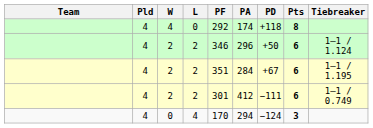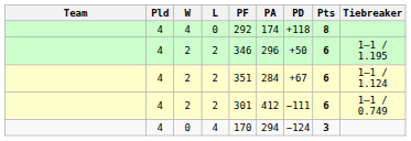 <table class="wikitable" style="text-align:center;">
 <tr>
 <th width=180>Team</th>
 <th width=30>Pld</th>
 <th width=30>W</th>
 <th width=30>L</th>
 <th width=30>PF</th>
 <th width=30>PA</th>
 <th width=30>PD</th>
 <th width=30>Pts</th>
 <th width=80>Tiebreaker</th>
 </tr>
 <tr bgcolor="#ccffcc">
 <td align="left"></td>
 <td>4</td>
 <td>4</td>
 <td>0</td>
 <td>292</td>
 <td>174</td>
 <td>+118</td>
 <td><strong>8</strong></td>
 <td></td>
 </tr>
 <tr bgcolor="#ccffcc">
 <td align="left"></td>
 <td>4</td>
 <td>2</td>
 <td>2</td>
 <td>346</td>
 <td>296</td>
 <td>+50</td>
 <td><strong>6</strong></td>
-<td>1–1 / 1.124</td>
+<td>1–1 / 1.195</td>
 </tr>
 <tr bgcolor="ffffcc">
 <td align="left"></td>
 <td>4</td>
 <td>2</td>
 <td>2</td>
 <td>351</td>
 <td>284</td>
 <td>+67</td>
 <td><strong>6</strong></td>
-<td>1–1 / 1.195</td>
+<td>1–1 / 1.124</td>
 </tr>
 <tr bgcolor="ffffcc">
 <td align="left"></td>
 <td>4</td>
 <td>2</td>
 <td>2</td>
 <td>301</td>
 <td>412</td>
 <td>−111</td>
 <td><strong>6</strong></td>
 <td>1–1 / 0.749</td>
 </tr>
 <tr>
 <td align="left"></td>
 <td>4</td>
 <td>0</td>
 <td>4</td>
 <td>170</td>
 <td>294</td>
 <td>−124</td>
 <td><strong>3</strong></td>
 <td></td>
 </tr>
 </table>
